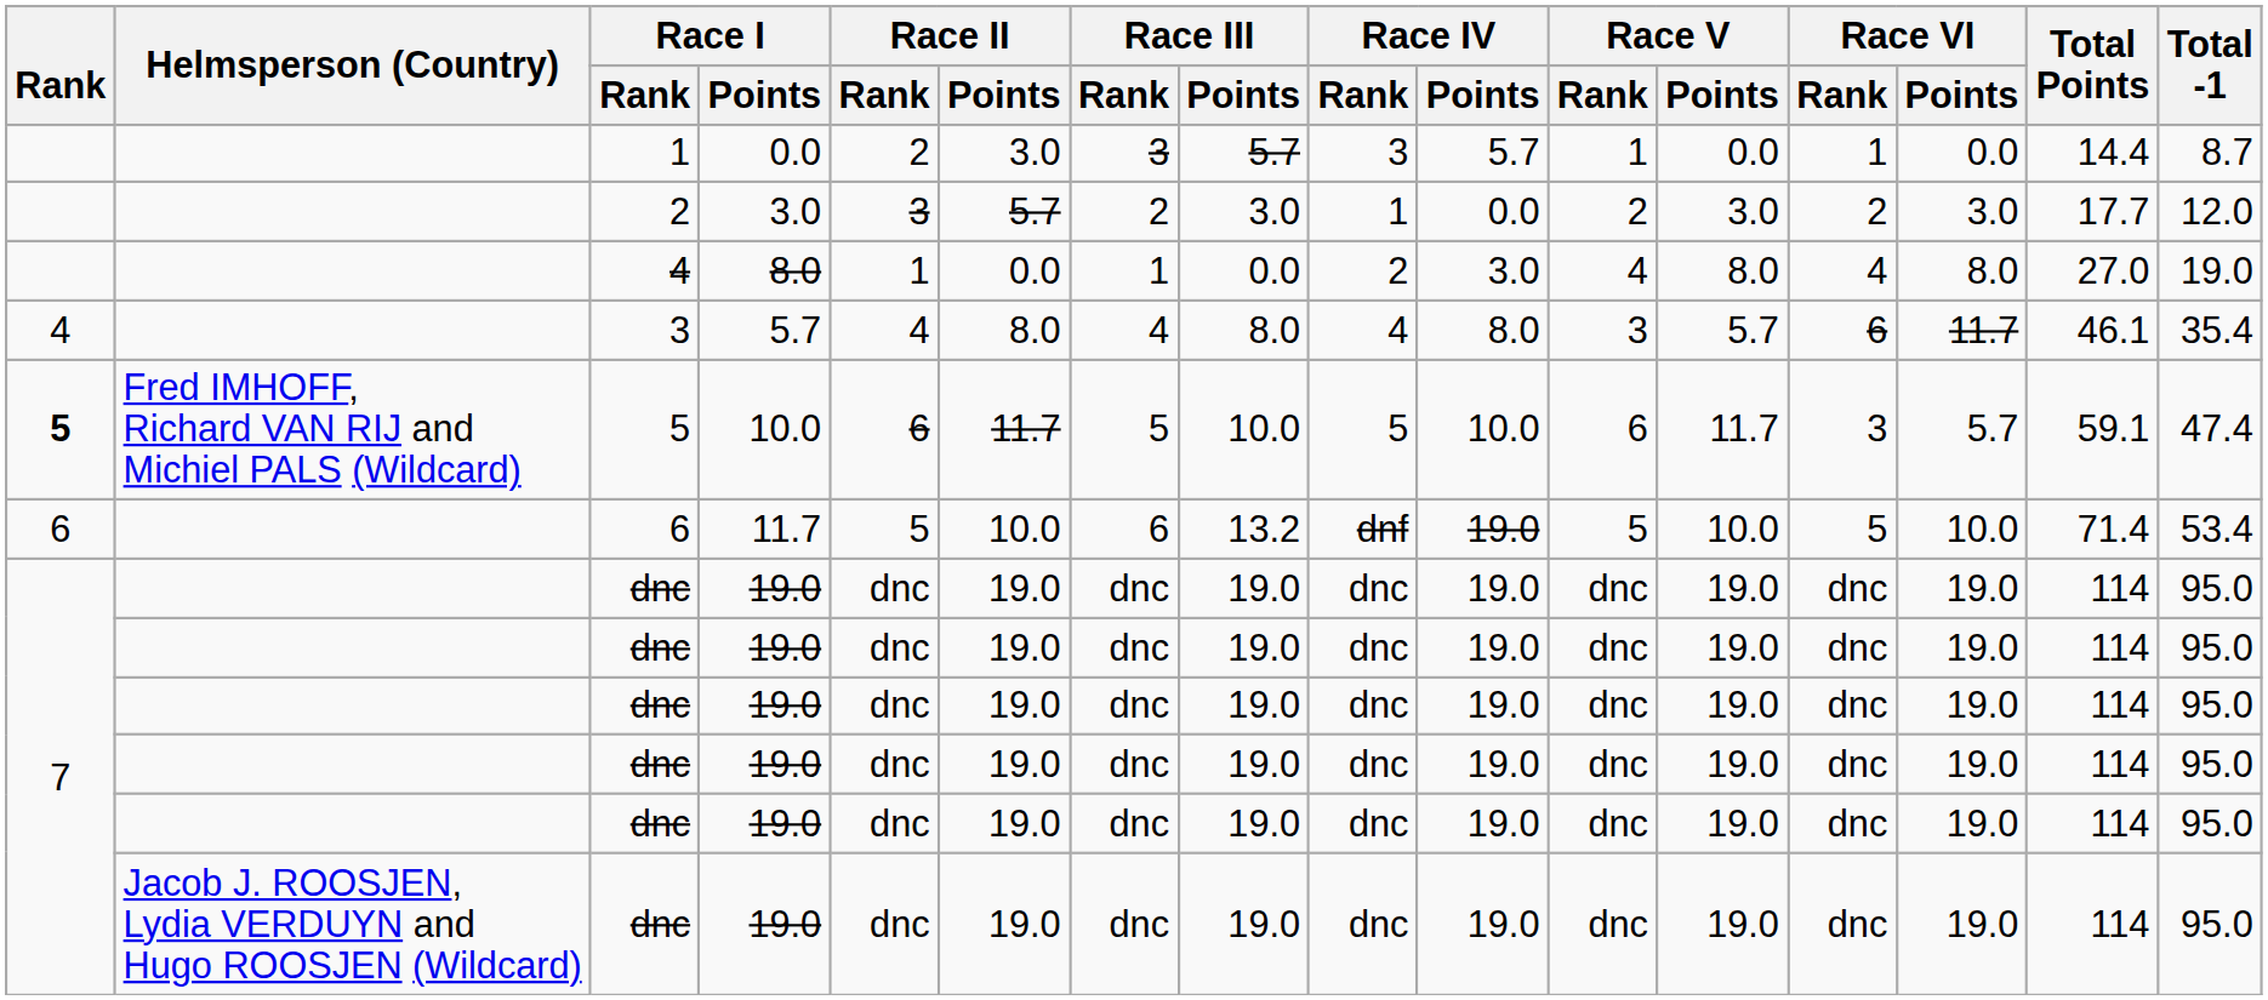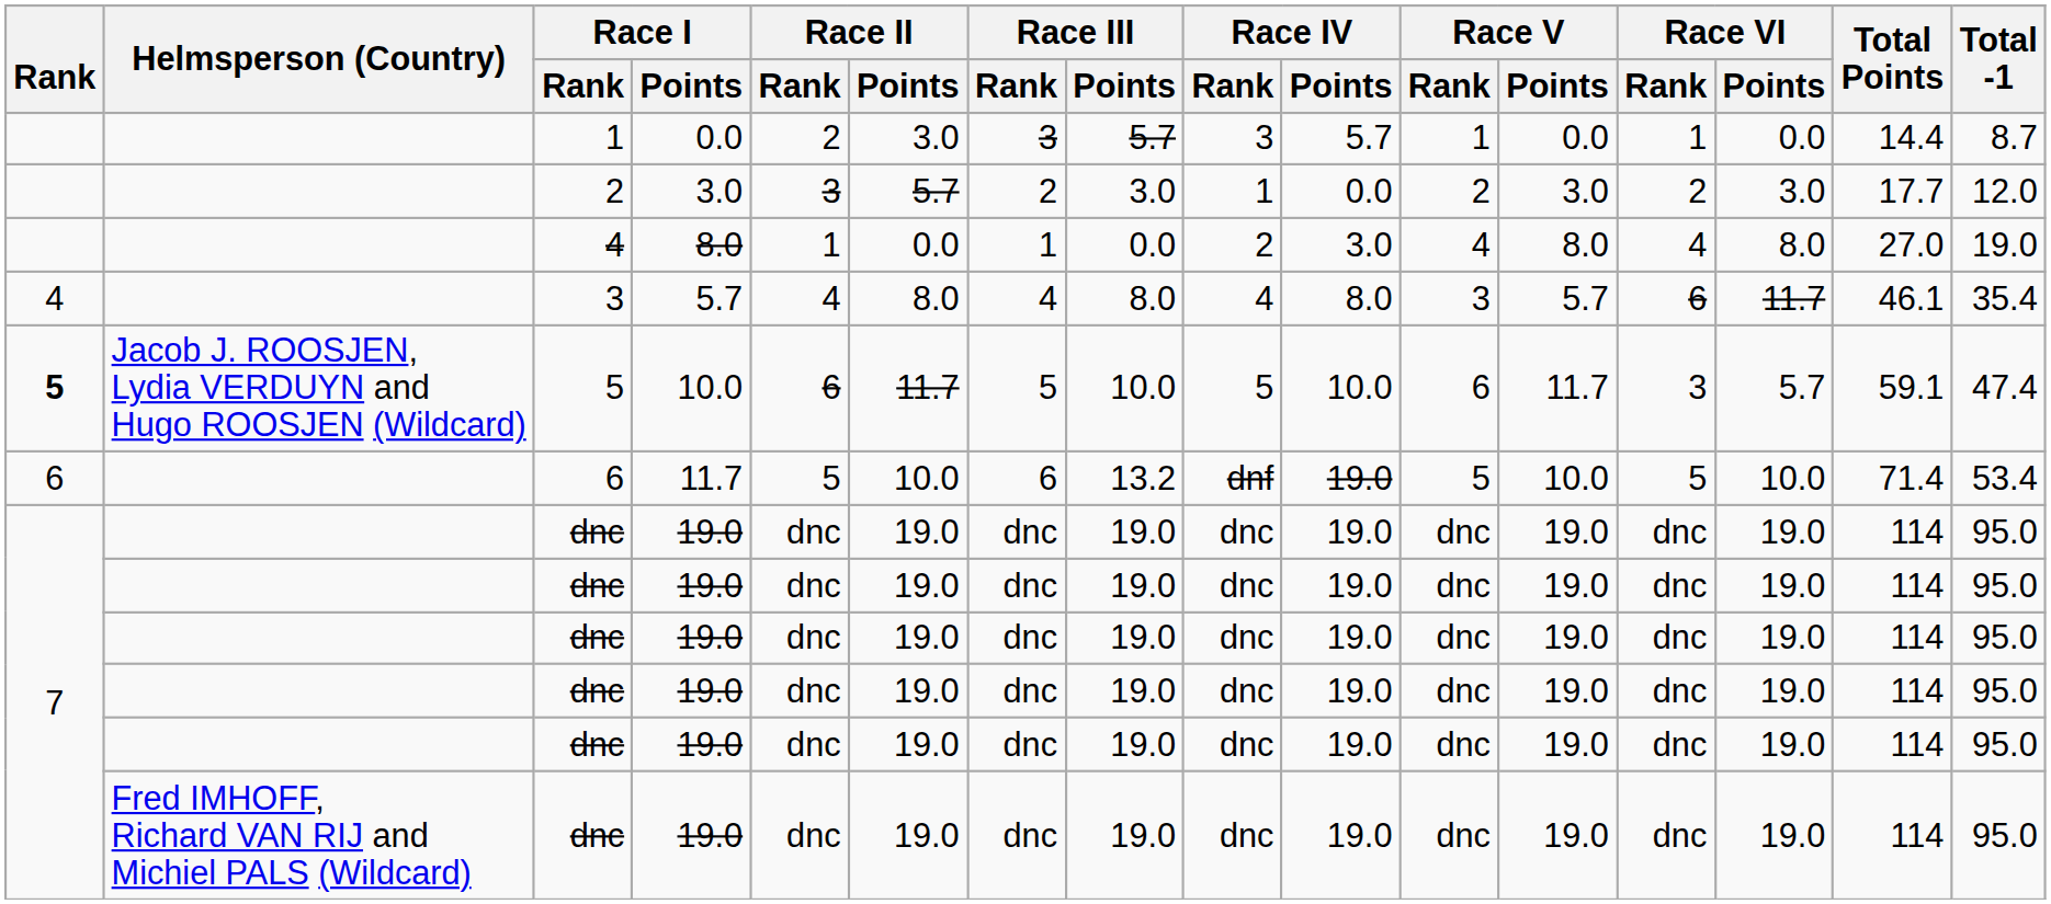 <table class="wikitable" style="text-align:right; font-size:90%">
 <tr>
 <th rowspan=2><br>Rank</th>
 <th rowspan=2>Helmsperson (Country)</th>
 <th colspan=2>Race I</th>
 <th colspan=2>Race II</th>
 <th colspan=2>Race III</th>
 <th colspan=2>Race IV</th>
 <th colspan=2>Race V</th>
 <th colspan=2>Race VI</th>
 <th rowspan=2>Total <br>Points <br></th>
 <th rowspan=2>Total<br>-1<br></th>
 </tr>
 <tr>
 <th>Rank</th>
 <th>Points</th>
 <th>Rank</th>
 <th>Points</th>
 <th>Rank</th>
 <th>Points</th>
 <th>Rank</th>
 <th>Points</th>
 <th>Rank</th>
 <th>Points</th>
 <th>Rank</th>
 <th>Points</th>
 </tr>
 <tr>
 <td align=center></td>
 <td align=left></td>
 <td>1</td>
 <td>0.0</td>
 <td>2</td>
 <td>3.0</td>
 <td><s>3</s></td>
 <td><s>5.7</s></td>
 <td>3</td>
 <td>5.7</td>
 <td>1</td>
 <td>0.0</td>
 <td>1</td>
 <td>0.0</td>
 <td>14.4</td>
 <td>8.7</td>
 </tr>
 <tr>
 <td align=center></td>
 <td align=left></td>
 <td>2</td>
 <td>3.0</td>
 <td><s>3</s></td>
 <td><s>5.7</s></td>
 <td>2</td>
 <td>3.0</td>
 <td>1</td>
 <td>0.0</td>
 <td>2</td>
 <td>3.0</td>
 <td>2</td>
 <td>3.0</td>
 <td>17.7</td>
 <td>12.0</td>
 </tr>
 <tr>
 <td align=center></td>
 <td align=left></td>
 <td><s>4</s></td>
 <td><s>8.0</s></td>
 <td>1</td>
 <td>0.0</td>
 <td>1</td>
 <td>0.0</td>
 <td>2</td>
 <td>3.0</td>
 <td>4</td>
 <td>8.0</td>
 <td>4</td>
 <td>8.0</td>
 <td>27.0</td>
 <td>19.0</td>
 </tr>
 <tr>
 <td align=center>4</td>
 <td align=left></td>
 <td>3</td>
 <td>5.7</td>
 <td>4</td>
 <td>8.0</td>
 <td>4</td>
 <td>8.0</td>
 <td>4</td>
 <td>8.0</td>
 <td>3</td>
 <td>5.7</td>
 <td><s>6</s></td>
 <td><s>11.7</s></td>
 <td>46.1</td>
 <td>35.4</td>
 </tr>
 <tr>
 <td align=center><strong>5</strong></td>
-<td align="left"> <a href='#'>Fred IMHOFF</a>,<br><a href='#'>Richard VAN RIJ</a> and<br><a href='#'>Michiel PALS</a> <a href='#'>(Wildcard)</a></td>
+<td align="left"> <a href='#'>Jacob J. ROOSJEN</a>,<br><a href='#'>Lydia VERDUYN</a> and<br><a href='#'>Hugo ROOSJEN</a> <a href='#'>(Wildcard)</a></td>
 <td>5</td>
 <td>10.0</td>
 <td><s>6</s></td>
 <td><s>11.7</s></td>
 <td>5</td>
 <td>10.0</td>
 <td>5</td>
 <td>10.0</td>
 <td>6</td>
 <td>11.7</td>
 <td>3</td>
 <td>5.7</td>
 <td>59.1</td>
 <td>47.4</td>
 </tr>
 <tr>
 <td align=center>6</td>
 <td align=left></td>
 <td>6</td>
 <td>11.7</td>
 <td>5</td>
 <td>10.0</td>
 <td>6</td>
 <td>13.2</td>
 <td><s>dnf</s></td>
 <td><s>19.0</s></td>
 <td>5</td>
 <td>10.0</td>
 <td>5</td>
 <td>10.0</td>
 <td>71.4</td>
 <td>53.4</td>
 </tr>
 <tr>
 <td rowspan=6 align=center>7</td>
 <td align=left></td>
 <td><s>dnc</s></td>
 <td><s>19.0</s></td>
 <td>dnc</td>
 <td>19.0</td>
 <td>dnc</td>
 <td>19.0</td>
 <td>dnc</td>
 <td>19.0</td>
 <td>dnc</td>
 <td>19.0</td>
 <td>dnc</td>
 <td>19.0</td>
 <td dnc>114</td>
 <td>95.0</td>
 </tr>
 <tr>
 <td align=left></td>
 <td><s>dnc</s></td>
 <td><s>19.0</s></td>
 <td>dnc</td>
 <td>19.0</td>
 <td>dnc</td>
 <td>19.0</td>
 <td>dnc</td>
 <td>19.0</td>
 <td>dnc</td>
 <td>19.0</td>
 <td>dnc</td>
 <td>19.0</td>
 <td dnc>114</td>
 <td>95.0</td>
 </tr>
 <tr>
 <td align=left></td>
 <td><s>dnc</s></td>
 <td><s>19.0</s></td>
 <td>dnc</td>
 <td>19.0</td>
 <td>dnc</td>
 <td>19.0</td>
 <td>dnc</td>
 <td>19.0</td>
 <td>dnc</td>
 <td>19.0</td>
 <td>dnc</td>
 <td>19.0</td>
 <td dnc>114</td>
 <td>95.0</td>
 </tr>
 <tr>
 <td align=left></td>
 <td><s>dnc</s></td>
 <td><s>19.0</s></td>
 <td>dnc</td>
 <td>19.0</td>
 <td>dnc</td>
 <td>19.0</td>
 <td>dnc</td>
 <td>19.0</td>
 <td>dnc</td>
 <td>19.0</td>
 <td>dnc</td>
 <td>19.0</td>
 <td dnc>114</td>
 <td>95.0</td>
 </tr>
 <tr>
 <td align=left></td>
 <td><s>dnc</s></td>
 <td><s>19.0</s></td>
 <td>dnc</td>
 <td>19.0</td>
 <td>dnc</td>
 <td>19.0</td>
 <td>dnc</td>
 <td>19.0</td>
 <td>dnc</td>
 <td>19.0</td>
 <td>dnc</td>
 <td>19.0</td>
 <td dnc>114</td>
 <td>95.0</td>
 </tr>
 <tr>
-<td align="left"> <a href='#'>Jacob J. ROOSJEN</a>,<br><a href='#'>Lydia VERDUYN</a> and<br><a href='#'>Hugo ROOSJEN</a> <a href='#'>(Wildcard)</a></td>
+<td align="left"> <a href='#'>Fred IMHOFF</a>,<br><a href='#'>Richard VAN RIJ</a> and<br><a href='#'>Michiel PALS</a> <a href='#'>(Wildcard)</a></td>
 <td><s>dnc</s></td>
 <td><s>19.0</s></td>
 <td>dnc</td>
 <td>19.0</td>
 <td>dnc</td>
 <td>19.0</td>
 <td>dnc</td>
 <td>19.0</td>
 <td>dnc</td>
 <td>19.0</td>
 <td>dnc</td>
 <td>19.0</td>
 <td dnc>114</td>
 <td>95.0</td>
 </tr>
 </table>
